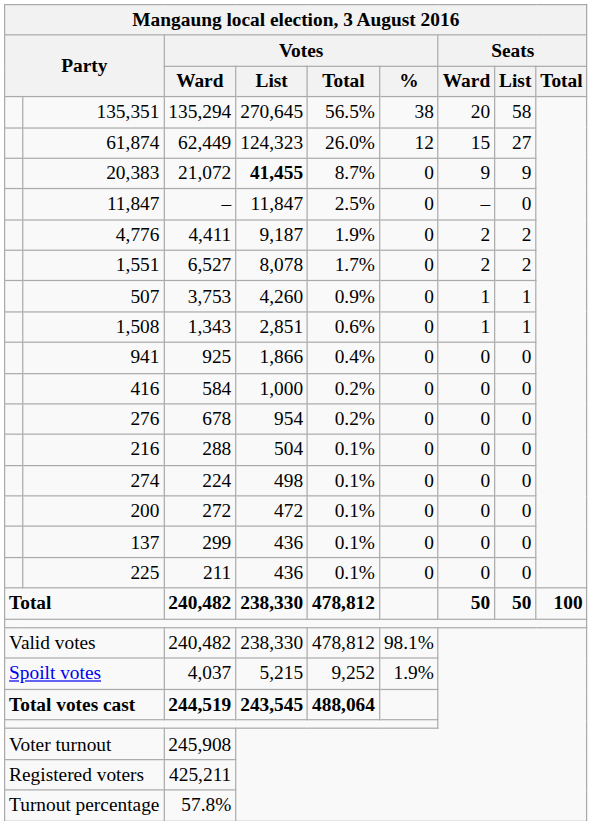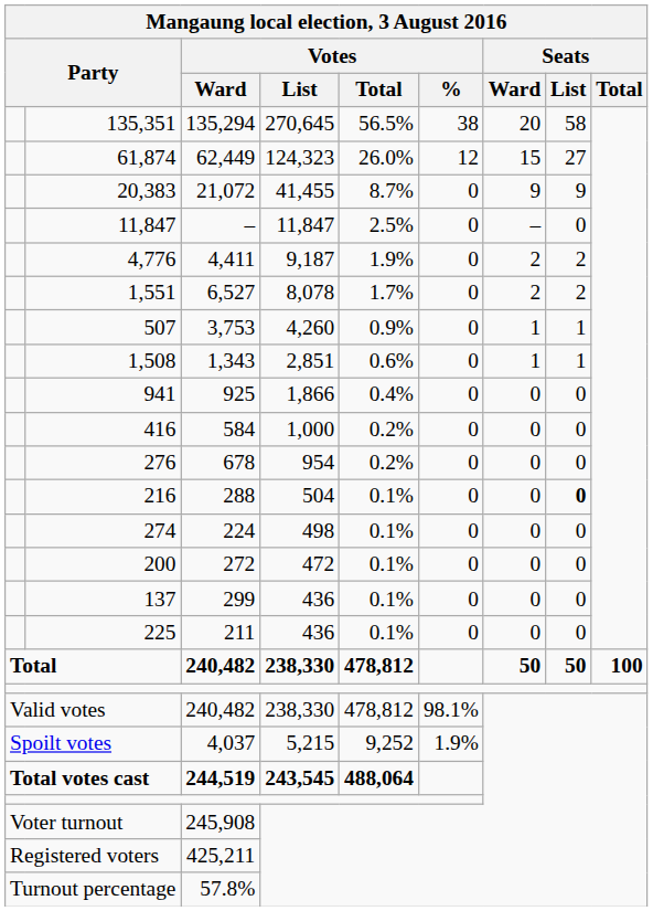 <table class=wikitable style="text-align:right">
 <tr>
 <th colspan="9" align="center">Mangaung local election, 3 August 2016</th>
 </tr>
 <tr>
 <th rowspan="2" colspan="2">Party</th>
 <th colspan="4" align="center">Votes</th>
 <th colspan="3" align="center">Seats</th>
 </tr>
 <tr>
 <th>Ward</th>
 <th>List</th>
 <th>Total</th>
 <th>%</th>
 <th>Ward</th>
 <th>List</th>
 <th>Total</th>
 </tr>
 <tr>
 <td></td>
 <td>135,351</td>
 <td>135,294</td>
 <td>270,645</td>
 <td>56.5%</td>
 <td>38</td>
 <td>20</td>
 <td>58</td>
 </tr>
 <tr>
 <td></td>
 <td>61,874</td>
 <td>62,449</td>
 <td>124,323</td>
 <td>26.0%</td>
 <td>12</td>
 <td>15</td>
 <td>27</td>
 </tr>
 <tr>
 <td></td>
 <td>20,383</td>
 <td>21,072</td>
-<td><strong>41,455</strong></td>
+<td>41,455</td>
 <td>8.7%</td>
 <td>0</td>
 <td>9</td>
 <td>9</td>
 </tr>
 <tr>
 <td></td>
 <td>11,847</td>
 <td>–</td>
 <td>11,847</td>
 <td>2.5%</td>
 <td>0</td>
 <td>–</td>
 <td>0</td>
 </tr>
 <tr>
 <td></td>
 <td>4,776</td>
 <td>4,411</td>
 <td>9,187</td>
 <td>1.9%</td>
 <td>0</td>
 <td>2</td>
 <td>2</td>
 </tr>
 <tr>
 <td></td>
 <td>1,551</td>
 <td>6,527</td>
 <td>8,078</td>
 <td>1.7%</td>
 <td>0</td>
 <td>2</td>
 <td>2</td>
 </tr>
 <tr>
 <td></td>
 <td>507</td>
 <td>3,753</td>
 <td>4,260</td>
 <td>0.9%</td>
 <td>0</td>
 <td>1</td>
 <td>1</td>
 </tr>
 <tr>
 <td></td>
 <td>1,508</td>
 <td>1,343</td>
 <td>2,851</td>
 <td>0.6%</td>
 <td>0</td>
 <td>1</td>
 <td>1</td>
 </tr>
 <tr>
 <td></td>
 <td>941</td>
 <td>925</td>
 <td>1,866</td>
 <td>0.4%</td>
 <td>0</td>
 <td>0</td>
 <td>0</td>
 </tr>
 <tr>
 <td></td>
 <td>416</td>
 <td>584</td>
 <td>1,000</td>
 <td>0.2%</td>
 <td>0</td>
 <td>0</td>
 <td>0</td>
 </tr>
 <tr>
 <td></td>
 <td>276</td>
 <td>678</td>
 <td>954</td>
 <td>0.2%</td>
 <td>0</td>
 <td>0</td>
 <td>0</td>
 </tr>
 <tr>
 <td></td>
 <td>216</td>
 <td>288</td>
 <td>504</td>
 <td>0.1%</td>
 <td>0</td>
 <td>0</td>
-<td>0</td>
+<td><strong>0</strong></td>
 </tr>
 <tr>
 <td></td>
 <td>274</td>
 <td>224</td>
 <td>498</td>
 <td>0.1%</td>
 <td>0</td>
 <td>0</td>
 <td>0</td>
 </tr>
 <tr>
 <td></td>
 <td>200</td>
 <td>272</td>
 <td>472</td>
 <td>0.1%</td>
 <td>0</td>
 <td>0</td>
 <td>0</td>
 </tr>
 <tr>
 <td></td>
 <td>137</td>
 <td>299</td>
 <td>436</td>
 <td>0.1%</td>
 <td>0</td>
 <td>0</td>
 <td>0</td>
 </tr>
 <tr>
 <td></td>
 <td>225</td>
 <td>211</td>
 <td>436</td>
 <td>0.1%</td>
 <td>0</td>
 <td>0</td>
 <td>0</td>
 </tr>
 <tr>
 <td colspan="2" style="text-align:left"><strong>Total</strong></td>
 <td><strong>240,482</strong></td>
 <td><strong>238,330</strong></td>
 <td><strong>478,812</strong></td>
 <td></td>
 <td><strong>50</strong></td>
 <td><strong>50</strong></td>
 <td><strong>100</strong></td>
 </tr>
 <tr>
 <td colspan="9"></td>
 </tr>
 <tr>
 <td colspan="2" style="text-align:left">Valid votes</td>
 <td>240,482</td>
 <td>238,330</td>
 <td>478,812</td>
 <td>98.1%</td>
 </tr>
 <tr>
 <td colspan="2" style="text-align:left"><a href='#'>Spoilt votes</a></td>
 <td>4,037</td>
 <td>5,215</td>
 <td>9,252</td>
 <td>1.9%</td>
 </tr>
 <tr>
 <td colspan="2" style="text-align:left"><strong>Total votes cast</strong></td>
 <td><strong>244,519</strong></td>
 <td><strong>243,545</strong></td>
 <td><strong>488,064</strong></td>
 <td></td>
 </tr>
 <tr>
 <td colspan="6"></td>
 </tr>
 <tr>
 <td colspan="2" style="text-align:left">Voter turnout</td>
 <td>245,908</td>
 </tr>
 <tr>
 <td colspan="2" style="text-align:left">Registered voters</td>
 <td>425,211</td>
 </tr>
 <tr>
 <td colspan="2" style="text-align:left">Turnout percentage</td>
 <td>57.8%</td>
 </tr>
 </table>
